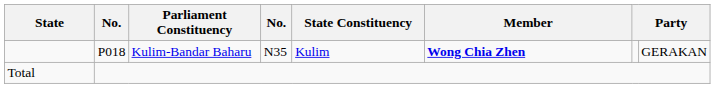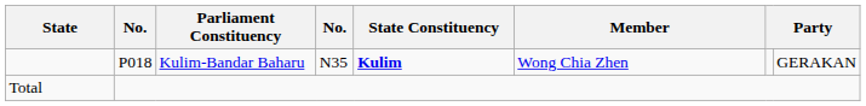 <table class ="wikitable sortable">
 <tr>
 <th style="width:100px;">State</th>
 <th style="width:30px;">No.</th>
 <th style="width:150px;">Parliament Constituency</th>
 <th style="width:30px;">No.</th>
 <th style="width:150px;">State Constituency</th>
 <th style="width:240px;">Member</th>
 <th style="width:80px;" colspan=2>Party</th>
 </tr>
 <tr>
 <td></td>
 <td>P018</td>
 <td><a href='#'>Kulim-Bandar Baharu</a></td>
 <td>N35</td>
-<td><a href='#'>Kulim</a></td>
-<td><strong><a href='#'>Wong Chia Zhen</a></strong></td>
+<td><strong><a href='#'>Kulim</a></strong></td>
+<td><a href='#'>Wong Chia Zhen</a></td>
 <td></td>
 <td>GERAKAN</td>
 </tr>
 <tr>
 <td>Total</td>
 <td style="width:30px;" colspan=7></td>
 </tr>
 </table>
